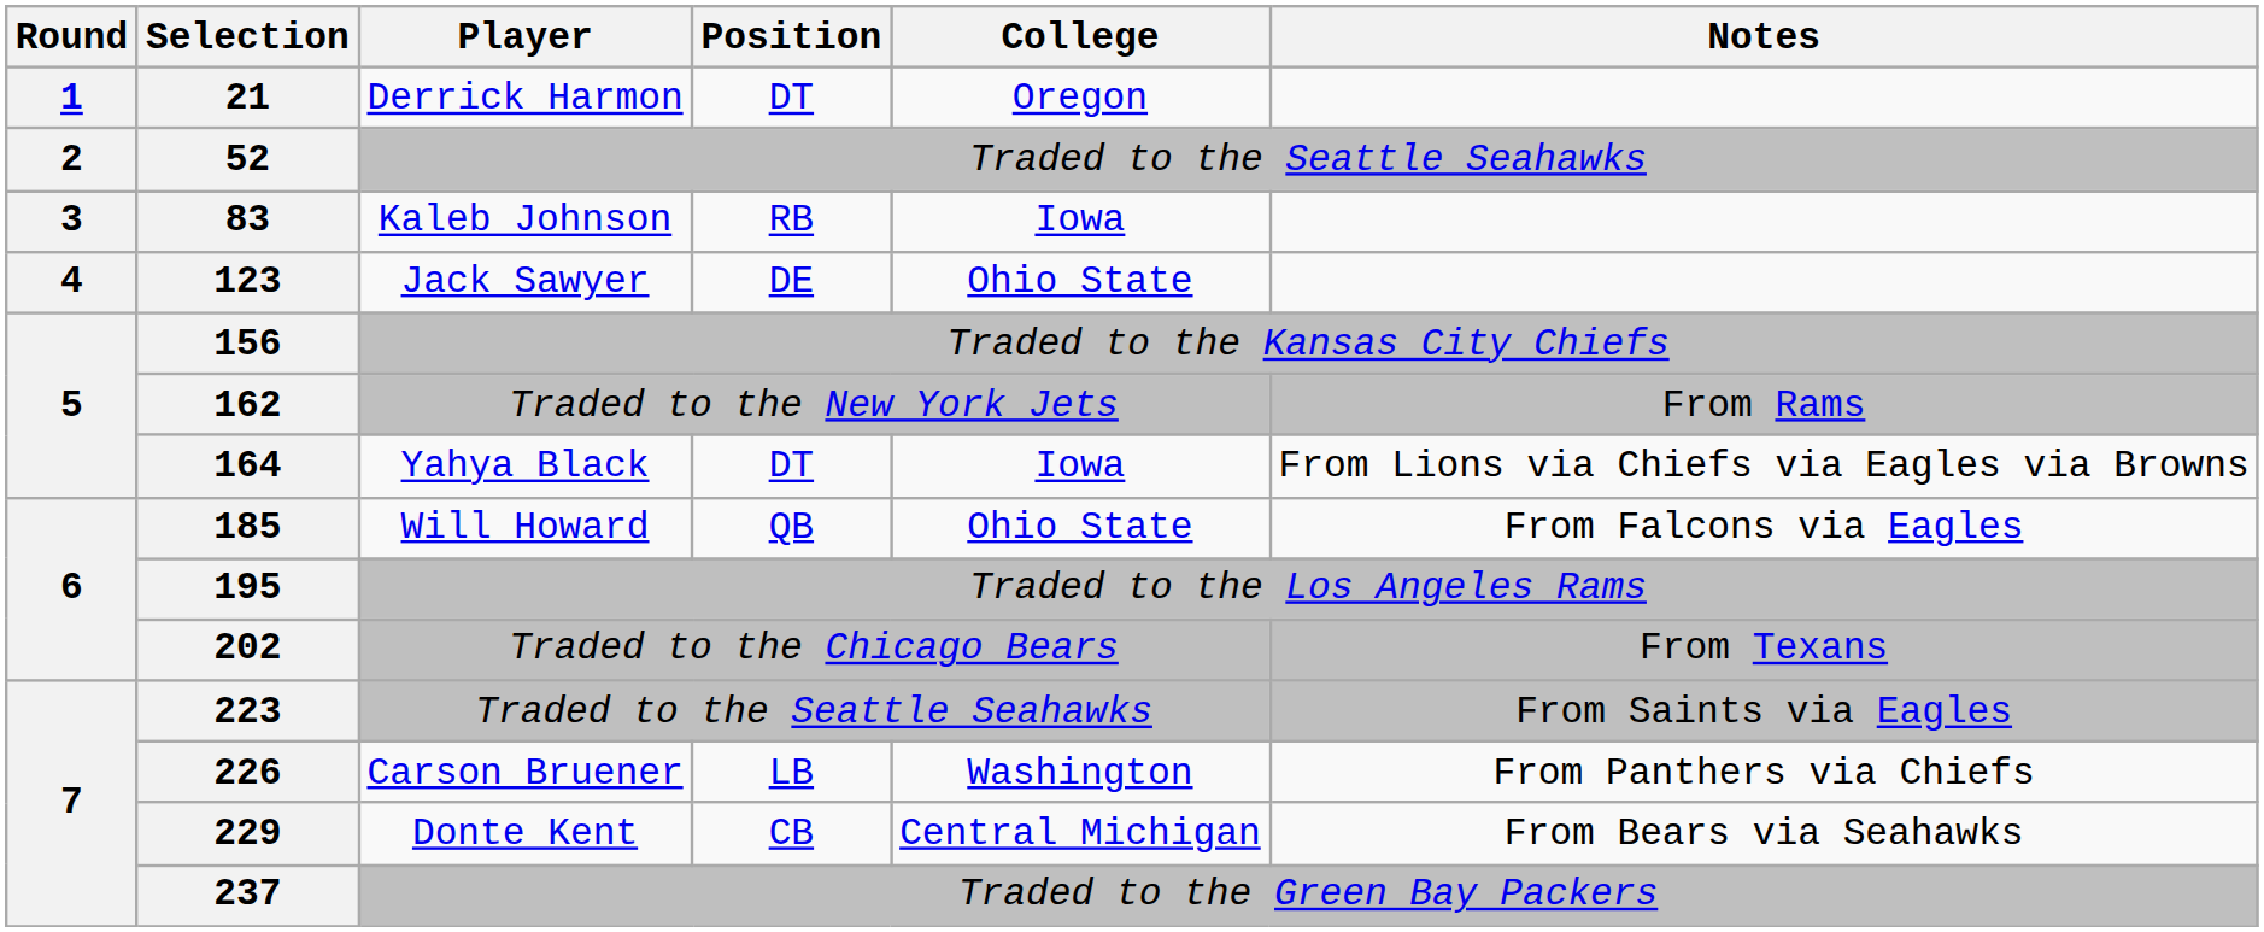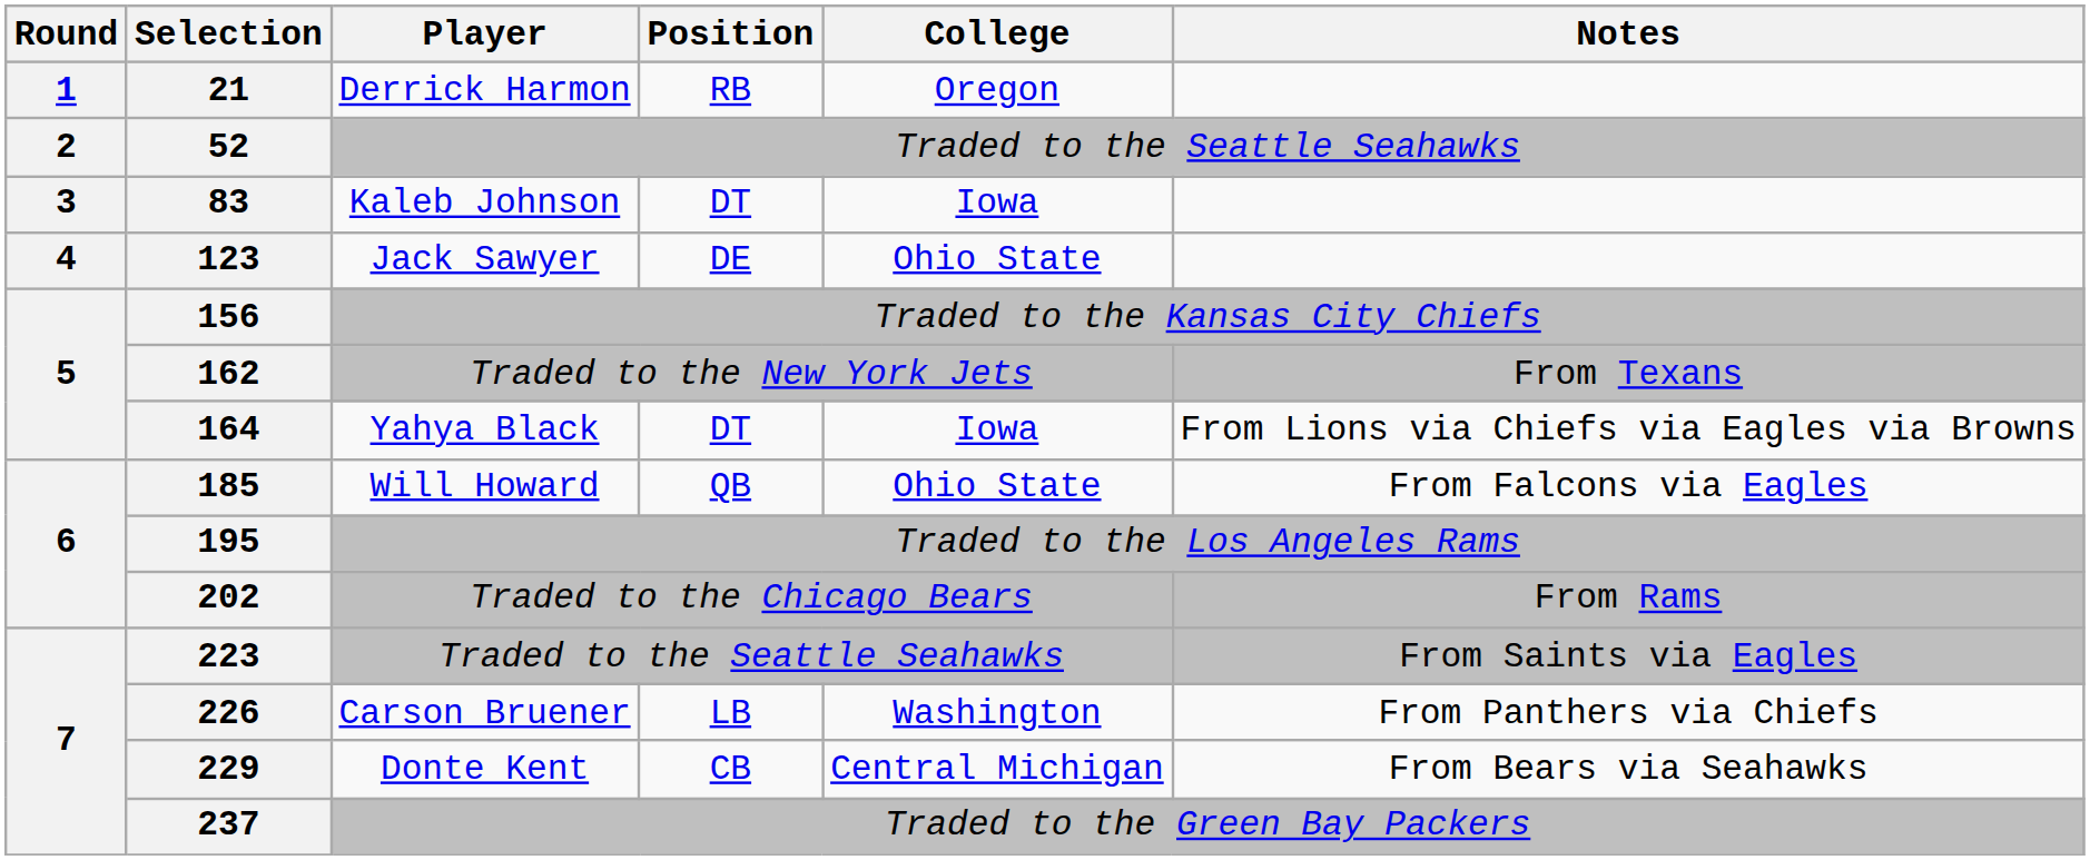 <table class="wikitable" style="text-align:center">
 <tr>
 <th>Round</th>
 <th>Selection</th>
 <th>Player</th>
 <th>Position</th>
 <th>College</th>
 <th>Notes</th>
 </tr>
 <tr>
 <th><a href='#'>1</a></th>
 <th>21</th>
 <td><a href='#'>Derrick Harmon</a></td>
-<td><a href='#'>DT</a></td>
+<td><a href='#'>RB</a></td>
 <td><a href='#'>Oregon</a></td>
 <td></td>
 </tr>
 <tr>
 <th>2</th>
 <th>52</th>
 <td colspan="4" style="background:#BFBFBF"><em>Traded to the <a href='#'>Seattle Seahawks</a></em></td>
 </tr>
 <tr>
 <th>3</th>
 <th>83</th>
 <td><a href='#'>Kaleb Johnson</a></td>
-<td><a href='#'>RB</a></td>
+<td><a href='#'>DT</a></td>
 <td><a href='#'>Iowa</a></td>
 <td></td>
 </tr>
 <tr>
 <th>4</th>
 <th>123</th>
 <td><a href='#'>Jack Sawyer</a></td>
 <td><a href='#'>DE</a></td>
 <td><a href='#'>Ohio State</a></td>
 <td></td>
 </tr>
 <tr>
 <th rowspan="3">5</th>
 <th>156</th>
 <td colspan="4" style="background:#BFBFBF"><em>Traded to the <a href='#'>Kansas City Chiefs</a></em></td>
 </tr>
 <tr>
 <th>162</th>
 <td colspan="3" style="background:#BFBFBF"><em>Traded to the <a href='#'>New York Jets</a></em></td>
-<td style="background:#BFBFBF">From <a href='#'>Rams</a></td>
+<td style="background:#BFBFBF">From <a href='#'>Texans</a></td>
 </tr>
 <tr>
 <th>164</th>
 <td><a href='#'>Yahya Black</a></td>
 <td><a href='#'>DT</a></td>
 <td><a href='#'>Iowa</a></td>
 <td>From Lions via Chiefs via Eagles via Browns</td>
 </tr>
 <tr>
 <th rowspan="3">6</th>
 <th>185</th>
 <td><a href='#'>Will Howard</a></td>
 <td><a href='#'>QB</a></td>
 <td><a href='#'>Ohio State</a></td>
 <td>From Falcons via <a href='#'>Eagles</a></td>
 </tr>
 <tr>
 <th>195</th>
 <td colspan="4" style="background:#BFBFBF"><em>Traded to the <a href='#'>Los Angeles Rams</a></em></td>
 </tr>
 <tr>
 <th>202</th>
 <td colspan="3" style="background:#BFBFBF"><em>Traded to the <a href='#'>Chicago Bears</a></em></td>
-<td style="background:#BFBFBF">From <a href='#'>Texans</a></td>
+<td style="background:#BFBFBF">From <a href='#'>Rams</a></td>
 </tr>
 <tr>
 <th rowspan="5">7</th>
 <th>223</th>
 <td colspan="3" style="background:#BFBFBF"><em>Traded to the <a href='#'>Seattle Seahawks</a></em></td>
 <td style="background:#BFBFBF">From Saints via <a href='#'>Eagles</a></td>
 </tr>
 <tr>
 <th>226</th>
 <td><a href='#'>Carson Bruener</a></td>
 <td><a href='#'>LB</a></td>
 <td><a href='#'>Washington</a></td>
 <td>From Panthers via Chiefs</td>
 </tr>
 <tr>
 <th>229</th>
 <td><a href='#'>Donte Kent</a></td>
 <td><a href='#'>CB</a></td>
 <td><a href='#'>Central Michigan</a></td>
 <td>From Bears via Seahawks</td>
 </tr>
 <tr>
 <th>237</th>
 <td colspan="4" style="background:#BFBFBF"><em>Traded to the <a href='#'>Green Bay Packers</a></em></td>
 </tr>
 </table>
